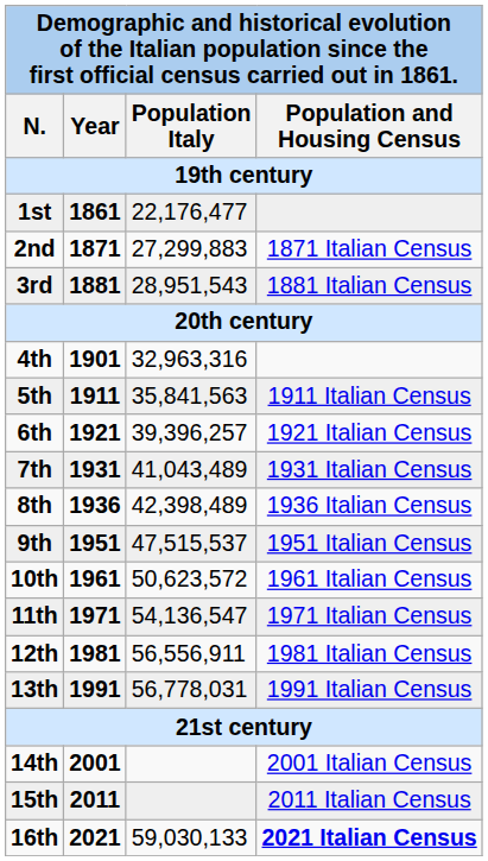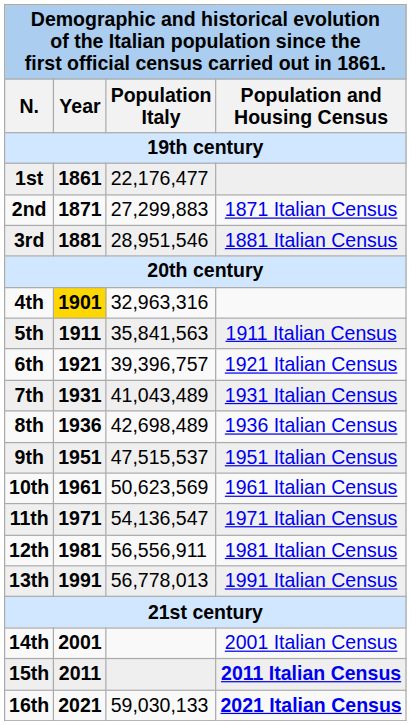 <table class="wikitable">
 <tr>
 <th colspan= "4" style="text-align:center; background:#abcdef;">Demographic and historical evolution <br>of the Italian population since the <br> first official census carried out in 1861.</th>
 </tr>
 <tr>
 <th>N.</th>
 <th>Year</th>
 <th>Population<br>Italy</th>
 <th>Population and <br> Housing Census</th>
 </tr>
 <tr align="center">
 <td colspan="4" style="background:#D0E7FF"><strong>19th century</strong></td>
 </tr>
 <tr align="center" style="background:#efefef; color:black">
 <td><strong>1st</strong></td>
 <td><strong>1861</strong></td>
 <td align="left"> 22,176,477</td>
 <td></td>
 </tr>
 <tr align="center">
 <td><strong>2nd</strong></td>
 <td><strong>1871</strong></td>
 <td align="left"> 27,299,883</td>
 <td><a href='#'>1871 Italian Census</a></td>
 </tr>
 <tr align="center" style="background:#efefef; color:black">
 <td><strong>3rd</strong></td>
 <td><strong>1881</strong></td>
-<td align="left"> 28,951,543</td>
+<td align="left"> 28,951,546</td>
 <td><a href='#'>1881 Italian Census</a></td>
 </tr>
 <tr align="center">
 <td colspan="4" style="background:#D0E7FF"><strong>20th century</strong></td>
 </tr>
 <tr align="center">
 <td><strong>4th</strong></td>
-<td><strong>1901</strong></td>
+<td style="background: gold;"><strong>1901</strong></td>
 <td align="left"> 32,963,316</td>
 <td></td>
 </tr>
 <tr align="center" style="background:#efefef; color:black">
 <td><strong>5th</strong></td>
 <td><strong>1911</strong></td>
 <td align="left"> 35,841,563</td>
 <td><a href='#'>1911 Italian Census</a></td>
 </tr>
 <tr align="center">
 <td><strong>6th</strong></td>
 <td><strong>1921</strong></td>
-<td align="left"> 39,396,257</td>
+<td align="left"> 39,396,757</td>
 <td><a href='#'>1921 Italian Census</a></td>
 </tr>
 <tr align="center" style="background:#efefef; color:black">
 <td><strong>7th</strong></td>
 <td><strong>1931</strong></td>
 <td align="left"> 41,043,489</td>
 <td><a href='#'>1931 Italian Census</a></td>
 </tr>
 <tr align="center">
 <td><strong>8th</strong></td>
 <td><strong>1936</strong></td>
-<td align="left"> 42,398,489</td>
+<td align="left"> 42,698,489</td>
 <td><a href='#'>1936 Italian Census</a></td>
 </tr>
 <tr align="center" style="background:#efefef; color:black">
 <td><strong>9th</strong></td>
 <td><strong>1951</strong></td>
 <td align="left"> 47,515,537</td>
 <td><a href='#'>1951 Italian Census</a></td>
 </tr>
 <tr align="center">
 <td><strong>10th</strong></td>
 <td><strong>1961</strong></td>
-<td align="left"> 50,623,572</td>
+<td align="left"> 50,623,569</td>
 <td><a href='#'>1961 Italian Census</a></td>
 </tr>
 <tr align="center" style="background:#efefef; color:black">
 <td><strong>11th</strong></td>
 <td><strong>1971</strong></td>
 <td align="left"> 54,136,547</td>
 <td><a href='#'>1971 Italian Census</a></td>
 </tr>
 <tr align="center">
 <td><strong>12th</strong></td>
 <td><strong>1981</strong></td>
 <td align="left"> 56,556,911</td>
 <td><a href='#'>1981 Italian Census</a></td>
 </tr>
 <tr align="center" style="background:#efefef; color:black">
 <td><strong>13th</strong></td>
 <td><strong>1991</strong></td>
-<td align="left"> 56,778,031</td>
+<td align="left"> 56,778,013</td>
 <td><a href='#'>1991 Italian Census</a></td>
 </tr>
 <tr align="center">
 <td colspan="4" style="background:#D0E7FF"><strong>21st century</strong></td>
 </tr>
 <tr align="center">
 <td><strong>14th</strong></td>
 <td><strong>2001</strong></td>
 <td align="left"></td>
 <td><a href='#'>2001 Italian Census</a></td>
 </tr>
 <tr align="center" style="background:#efefef; color:black">
 <td><strong>15th</strong></td>
 <td><strong>2011</strong></td>
 <td align="left"></td>
-<td><a href='#'>2011 Italian Census</a></td>
+<td><strong><a href='#'>2011 Italian Census</a></strong></td>
 </tr>
 <tr align="center">
 <td><strong>16th</strong></td>
 <td><strong>2021</strong></td>
 <td align="left"> 59,030,133</td>
 <td><strong><a href='#'>2021 Italian Census</a></strong></td>
 </tr>
 </table>
